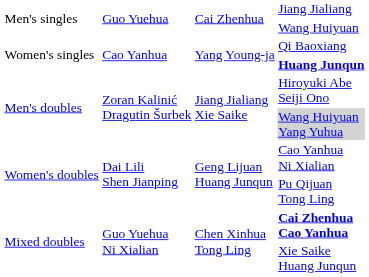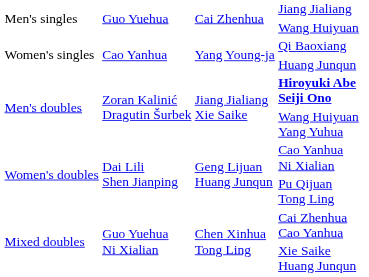 <table>
 <tr>
 <td rowspan=2>Men's singles</td>
 <td rowspan=2> <a href='#'>Guo Yuehua</a></td>
 <td rowspan=2> <a href='#'>Cai Zhenhua</a></td>
 <td> <a href='#'>Jiang Jialiang</a></td>
 </tr>
 <tr>
 <td> <a href='#'>Wang Huiyuan</a></td>
 </tr>
 <tr>
 <td rowspan=2>Women's singles</td>
 <td rowspan=2> <a href='#'>Cao Yanhua</a></td>
 <td rowspan=2> <a href='#'>Yang Young-ja</a></td>
 <td> <a href='#'>Qi Baoxiang</a></td>
 </tr>
 <tr>
-<td><strong> <a href='#'>Huang Junqun</a></strong></td>
+<td> <a href='#'>Huang Junqun</a></td>
 </tr>
 <tr>
 <td rowspan=2><a href='#'>Men's doubles</a></td>
 <td rowspan=2> <a href='#'>Zoran Kalinić</a><br> <a href='#'>Dragutin Šurbek</a></td>
 <td rowspan=2> <a href='#'>Jiang Jialiang</a><br> <a href='#'>Xie Saike</a></td>
-<td> <a href='#'>Hiroyuki Abe</a><br> <a href='#'>Seiji Ono</a></td>
+<td><strong> <a href='#'>Hiroyuki Abe</a><br> <a href='#'>Seiji Ono</a></strong></td>
 </tr>
 <tr>
-<td style="background: lightgrey;"> <a href='#'>Wang Huiyuan</a><br> <a href='#'>Yang Yuhua</a></td>
+<td> <a href='#'>Wang Huiyuan</a><br> <a href='#'>Yang Yuhua</a></td>
 </tr>
 <tr>
 <td rowspan=2><a href='#'>Women's doubles</a></td>
 <td rowspan=2> <a href='#'>Dai Lili</a><br> <a href='#'>Shen Jianping</a></td>
 <td rowspan=2> <a href='#'>Geng Lijuan</a><br> <a href='#'>Huang Junqun</a></td>
 <td> <a href='#'>Cao Yanhua</a><br> <a href='#'>Ni Xialian</a></td>
 </tr>
 <tr>
 <td> <a href='#'>Pu Qijuan</a><br> <a href='#'>Tong Ling</a></td>
 </tr>
 <tr>
 <td rowspan=2><a href='#'>Mixed doubles</a></td>
 <td rowspan=2> <a href='#'>Guo Yuehua</a><br> <a href='#'>Ni Xialian</a></td>
 <td rowspan=2> <a href='#'>Chen Xinhua</a><br> <a href='#'>Tong Ling</a></td>
-<td><strong> <a href='#'>Cai Zhenhua</a><br> <a href='#'>Cao Yanhua</a></strong></td>
+<td> <a href='#'>Cai Zhenhua</a><br> <a href='#'>Cao Yanhua</a></td>
 </tr>
 <tr>
 <td> <a href='#'>Xie Saike</a><br> <a href='#'>Huang Junqun</a></td>
 </tr>
 </table>
